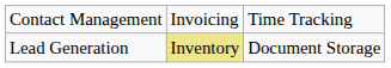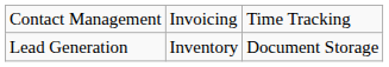 <table class="wikitable">
 <tr>
 <td>Contact Management</td>
 <td>Invoicing</td>
 <td>Time Tracking</td>
 </tr>
 <tr>
 <td>Lead Generation</td>
-<td style="background: khaki;">Inventory</td>
+<td>Inventory</td>
 <td>Document Storage</td>
 </tr>
 </table>
